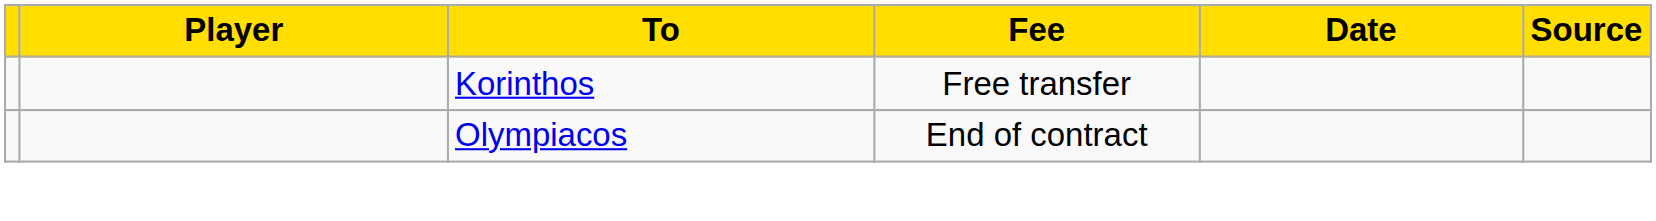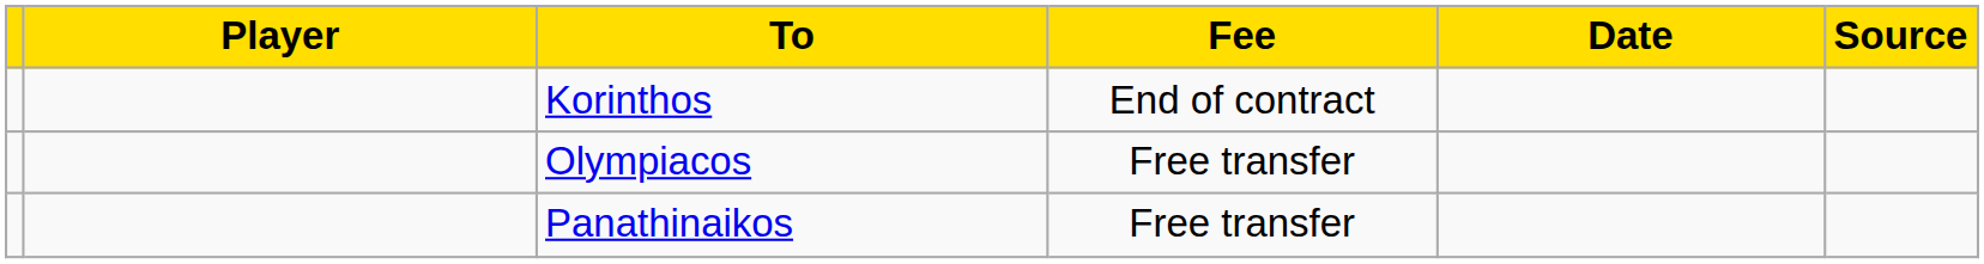 <table class="wikitable sortable">
 <tr>
 <th style="background:#FFDE00"></th>
 <th width=200 style="background:#FFDE00">Player</th>
 <th width=200 style="background:#FFDE00">To</th>
 <th width=150 style="background:#FFDE00">Fee</th>
 <th width=150 style="background:#FFDE00">Date</th>
 <th style="background:#FFDE00">Source</th>
 </tr>
 <tr>
 <td align=center></td>
 <td></td>
 <td> <a href='#'>Korinthos</a></td>
+<td align=center>End of contract</td>
+<td align=center></td>
+<td align=center></td>
+</tr>
+<tr>
+<td align=center></td>
+<td></td>
+<td> <a href='#'>Olympiacos</a></td>
 <td align=center>Free transfer</td>
 <td align=center></td>
 <td align=center></td>
 </tr>
 <tr>
 <td align=center></td>
 <td></td>
-<td> <a href='#'>Olympiacos</a></td>
-<td align=center>End of contract</td>
+<td> <a href='#'>Panathinaikos</a></td>
+<td align=center>Free transfer</td>
 <td align=center></td>
 <td align=center></td>
 </tr>
 </table>
